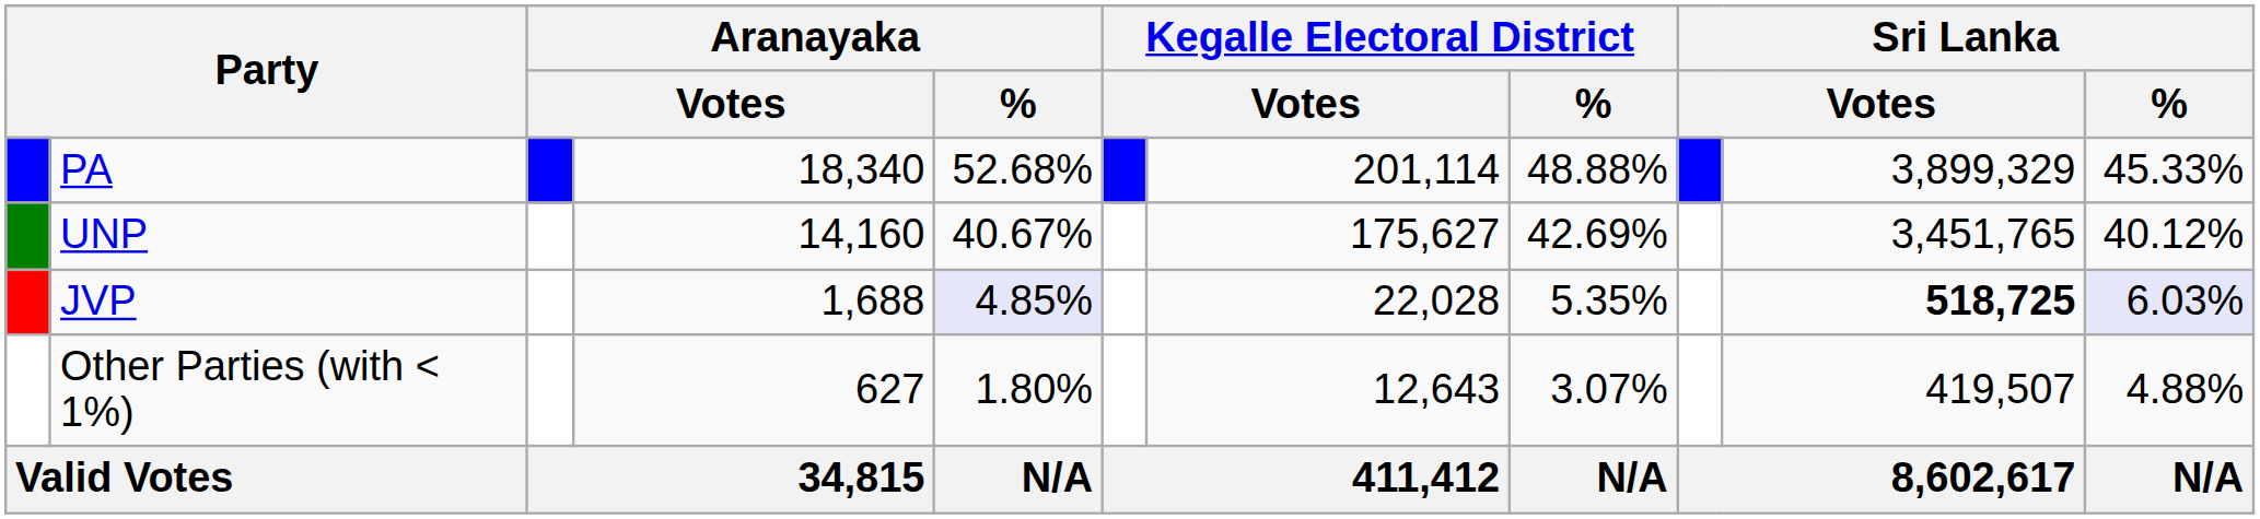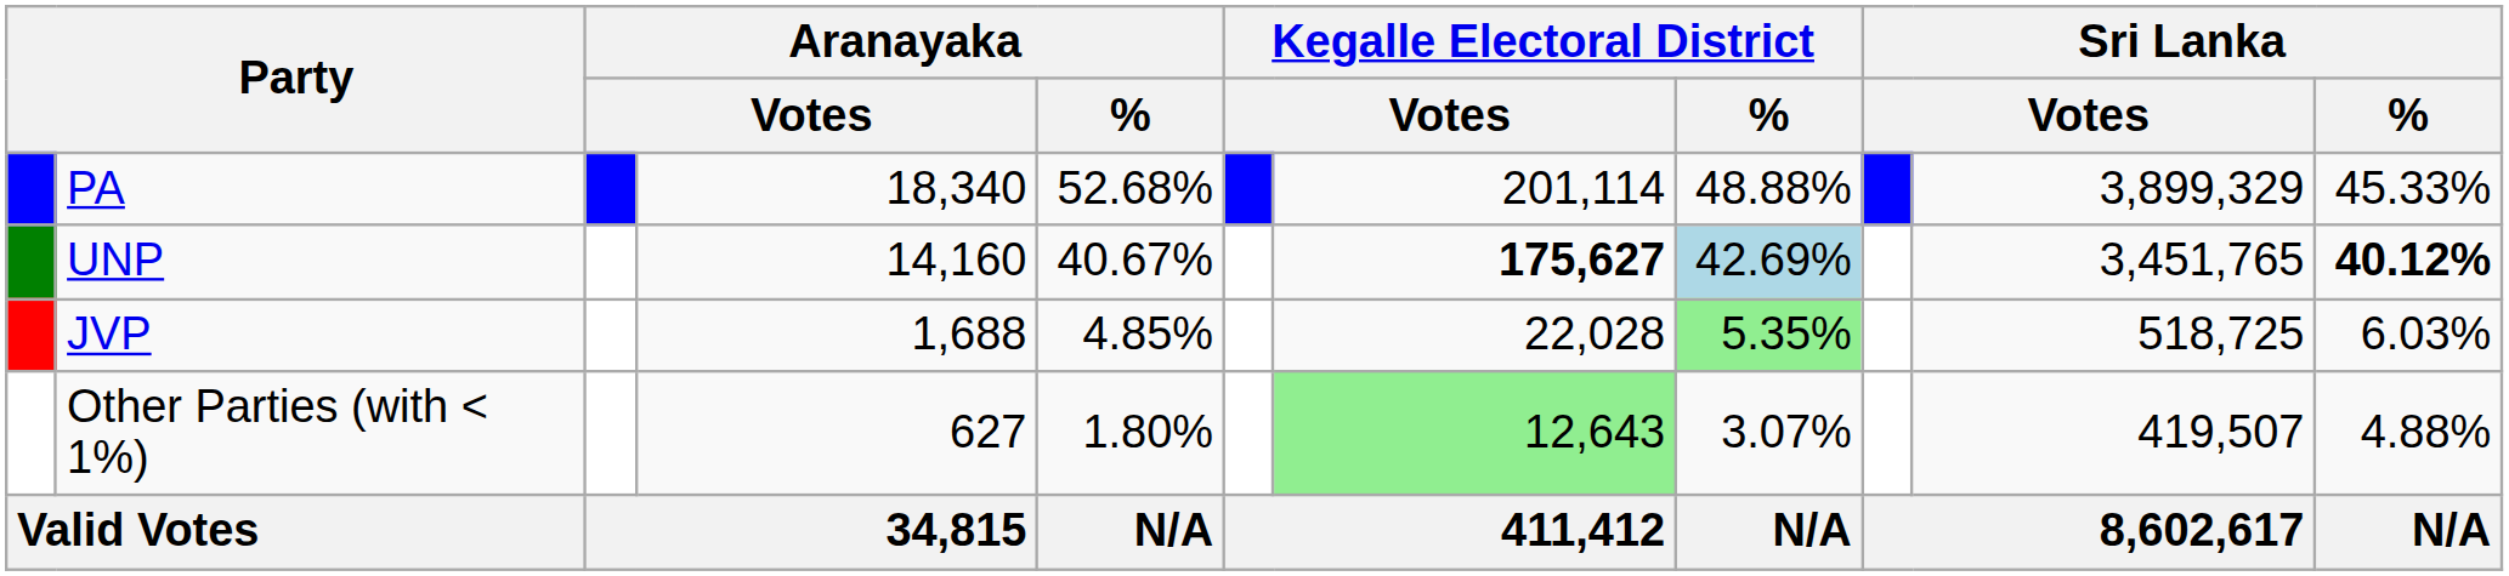 <table class="wikitable">
 <tr>
 <th colspan="2" width="144px"rowspan="2">Party</th>
 <th colspan="3" width="216px">Aranayaka</th>
 <th colspan="3" width="216px"><a href='#'>Kegalle Electoral District</a></th>
 <th colspan="3" width="216px">Sri Lanka</th>
 </tr>
 <tr>
 <th colspan="2" width="144px">Votes</th>
 <th>%</th>
 <th colspan="2" width="144px">Votes</th>
 <th>%</th>
 <th colspan="2" width="144px">Votes</th>
 <th>%</th>
 </tr>
 <tr>
 <td style="background-color:blue;" width="10px"></td>
 <td style="text-align:left;"><a href='#'>PA</a></td>
 <td style="background-color:blue;" width="10px"></td>
 <td style="text-align:right;">18,340</td>
 <td style="text-align:right;">52.68%</td>
 <td style="background-color:blue;" width="10px"></td>
 <td style="text-align:right;">201,114</td>
 <td style="text-align:right;">48.88%</td>
 <td style="background-color:blue;" width="10px"></td>
 <td style="text-align:right;">3,899,329</td>
 <td style="text-align:right;">45.33%</td>
 </tr>
 <tr>
 <td style="background-color:green;" width="10px"></td>
 <td style="text-align:left;"><a href='#'>UNP</a></td>
 <td style="background-color:white;" width="10px"></td>
 <td style="text-align:right;">14,160</td>
 <td style="text-align:right;">40.67%</td>
 <td style="background-color:white;" width="10px"></td>
-<td style="text-align:right;">175,627</td>
-<td style="text-align:right;">42.69%</td>
+<td style="text-align:right;"><strong>175,627</strong></td>
+<td style="background: lightblue; text-align:right;">42.69%</td>
 <td style="background-color:white;" width="10px"></td>
 <td style="text-align:right;">3,451,765</td>
-<td style="text-align:right;">40.12%</td>
+<td style="text-align:right;"><strong>40.12%</strong></td>
 </tr>
 <tr>
 <td style="background-color:red;" width="10px"></td>
 <td style="text-align:left;"><a href='#'>JVP</a></td>
 <td style="background-color:white;" width="10px"></td>
 <td style="text-align:right;">1,688</td>
-<td style="background: lavender; text-align:right;">4.85%</td>
+<td style="text-align:right;">4.85%</td>
 <td style="background-color:white;" width="10px"></td>
 <td style="text-align:right;">22,028</td>
-<td style="text-align:right;">5.35%</td>
+<td style="background: lightgreen; text-align:right;">5.35%</td>
 <td style="background-color:white;" width="10px"></td>
-<td style="text-align:right;"><strong>518,725</strong></td>
-<td style="background: lavender; text-align:right;">6.03%</td>
+<td style="text-align:right;">518,725</td>
+<td style="text-align:right;">6.03%</td>
 </tr>
 <tr>
 <td style="background-color:white;" width="10px"></td>
 <td style="text-align:left;">Other Parties (with < 1%)</td>
 <td style="background-color:white;" width="10px"></td>
 <td style="text-align:right;">627</td>
 <td style="text-align:right;">1.80%</td>
 <td style="background-color:white;" width="10px"></td>
-<td style="text-align:right;">12,643</td>
+<td style="background: lightgreen; text-align:right;">12,643</td>
 <td style="text-align:right;">3.07%</td>
 <td style="background-color:white;" width="10px"></td>
 <td style="text-align:right;">419,507</td>
 <td style="text-align:right;">4.88%</td>
 </tr>
 <tr>
 <th colspan="2" width="144px"style="text-align:left;">Valid Votes</th>
 <th style="text-align:right;"colspan="2" width="144px">34,815</th>
 <th style="text-align:right;">N/A</th>
 <th style="text-align:right;"colspan="2" width="144px">411,412</th>
 <th style="text-align:right;">N/A</th>
 <th style="text-align:right;"colspan="2" width="144px">8,602,617</th>
 <th style="text-align:right;">N/A</th>
 </tr>
 </table>
